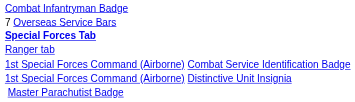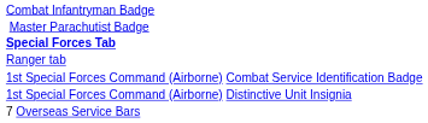 <table>
 <tr>
 <td> <a href='#'>Combat Infantryman Badge</a></td>
 </tr>
 <tr>
-<td> 7 <a href='#'>Overseas Service Bars</a></td>
+<td><span></span> <a href='#'>Master Parachutist Badge</a></td>
 </tr>
 <tr>
 <td><strong> <a href='#'>Special Forces Tab</a></strong></td>
 </tr>
 <tr>
 <td> <a href='#'>Ranger tab</a></td>
 </tr>
 <tr>
 </tr>
 <tr>
 <td> <a href='#'>1st Special Forces Command (Airborne)</a> <a href='#'>Combat Service Identification Badge</a></td>
 </tr>
 <tr>
 <td> <a href='#'>1st Special Forces Command (Airborne)</a> <a href='#'>Distinctive Unit Insignia</a></td>
 </tr>
 <tr>
-<td><span></span> <a href='#'>Master Parachutist Badge</a></td>
+<td> 7 <a href='#'>Overseas Service Bars</a></td>
 </tr>
 </table>
